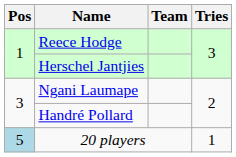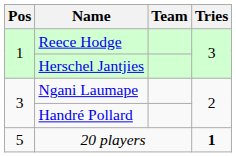 <table class="wikitable" style="text-align:center">
 <tr>
 <th>Pos</th>
 <th>Name</th>
 <th>Team</th>
 <th>Tries</th>
 </tr>
 <tr style="background:#d0ffd0">
 <td rowspan=2>1</td>
 <td align="left"><a href='#'>Reece Hodge</a></td>
 <td align="left"></td>
 <td rowspan=2>3</td>
 </tr>
 <tr style="background:#d0ffd0">
 <td align="left"><a href='#'>Herschel Jantjies</a></td>
 <td align="left"></td>
 </tr>
 <tr>
 <td rowspan=2>3</td>
 <td align="left"><a href='#'>Ngani Laumape</a></td>
 <td align="left"></td>
 <td rowspan=2>2</td>
 </tr>
 <tr>
 <td align="left"><a href='#'>Handré Pollard</a></td>
 <td align="left"></td>
 </tr>
 <tr>
-<td style="background: lightblue;">5</td>
+<td>5</td>
 <td colspan="2"><em>20 players</em></td>
-<td>1</td>
+<td><strong>1</strong></td>
 </tr>
 </table>
